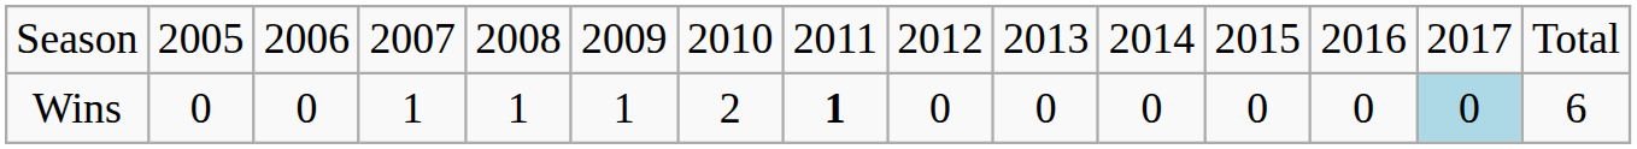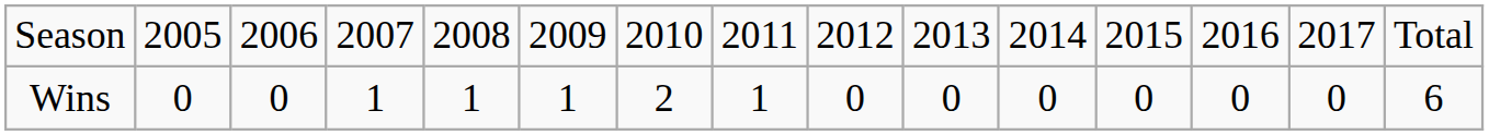 <table class="wikitable">
 <tr>
 <td>Season</td>
 <td>2005</td>
 <td>2006</td>
 <td>2007</td>
 <td>2008</td>
 <td>2009</td>
 <td>2010</td>
 <td>2011</td>
 <td>2012</td>
 <td>2013</td>
 <td>2014</td>
 <td>2015</td>
 <td>2016</td>
 <td>2017</td>
 <td>Total</td>
 </tr>
 <tr align=center>
 <td>Wins</td>
 <td>0</td>
 <td>0</td>
 <td>1</td>
 <td>1</td>
 <td>1</td>
 <td>2</td>
-<td><strong>1</strong></td>
+<td>1</td>
 <td>0</td>
 <td>0</td>
 <td>0</td>
 <td>0</td>
 <td>0</td>
-<td style="background: lightblue;">0</td>
+<td>0</td>
 <td>6</td>
 </tr>
 </table>
